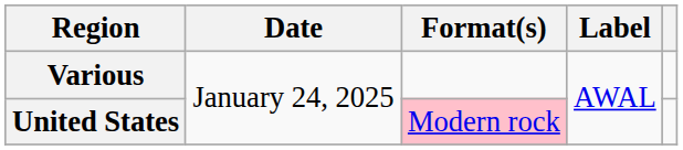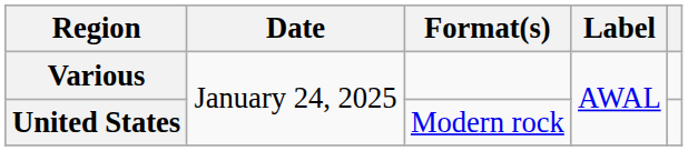 <table class="wikitable plainrowheaders">
 <tr>
 <th scope="col">Region</th>
 <th scope="col">Date</th>
 <th scope="col">Format(s)</th>
 <th scope="col">Label</th>
 <th scope="col"></th>
 </tr>
 <tr>
 <th scope="row">Various</th>
 <td rowspan="2">January 24, 2025</td>
 <td></td>
 <td rowspan="2"><a href='#'>AWAL</a></td>
 <td style="text-align:center"></td>
 </tr>
 <tr>
 <th scope="row">United States</th>
-<td style="background: pink;"><a href='#'>Modern rock</a></td>
+<td><a href='#'>Modern rock</a></td>
 <td style="text-align:center"></td>
 </tr>
 </table>
